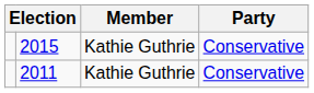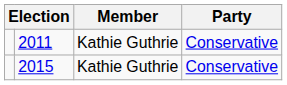 <table class="wikitable">
 <tr>
 <th colspan="2">Election</th>
 <th>Member</th>
 <th>Party</th>
 </tr>
 <tr>
 <td style="background-color: "></td>
-<td><a href='#'>2015</a></td>
+<td><a href='#'>2011</a></td>
 <td>Kathie Guthrie</td>
 <td><a href='#'>Conservative</a></td>
 </tr>
 <tr>
 <td style="background-color: "></td>
-<td><a href='#'>2011</a></td>
+<td><a href='#'>2015</a></td>
 <td>Kathie Guthrie</td>
 <td><a href='#'>Conservative</a></td>
 </tr>
 </table>
